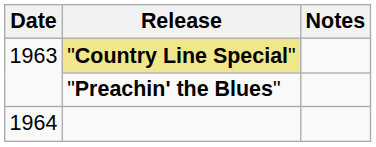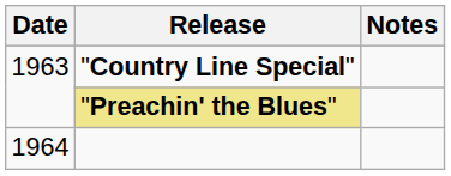 <table class=wikitable>
 <tr>
 <th>Date</th>
 <th>Release</th>
 <th>Notes</th>
 </tr>
 <tr>
 <td valign=top rowspan=2>1963</td>
-<td style="background: khaki;">"<strong>Country Line Special</strong>" <br></td>
+<td>"<strong>Country Line Special</strong>" <br></td>
 <td></td>
 </tr>
 <tr>
-<td>"<strong>Preachin' the Blues</strong>"  <br></td>
+<td style="background: khaki;">"<strong>Preachin' the Blues</strong>"  <br></td>
 <td></td>
 </tr>
 <tr>
 <td valign=top>1964</td>
 <td></td>
 <td valign=top></td>
 </tr>
 </table>
